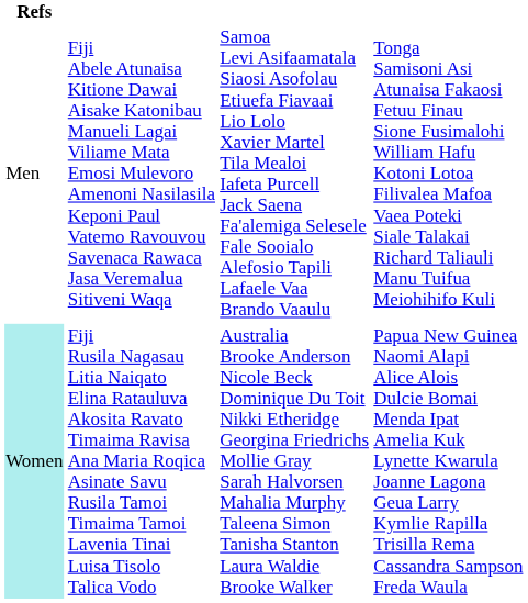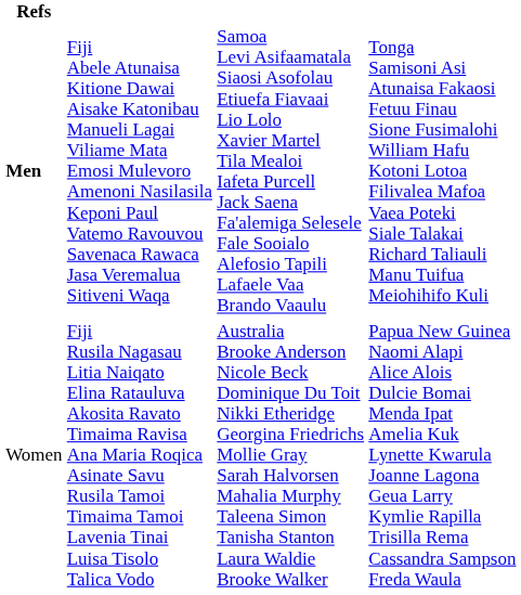 <table>
 <tr>
 <th>Refs</th>
 </tr>
 <tr>
-<td>Men<br></td>
+<td><strong>Men<br></strong></td>
 <td> <a href='#'>Fiji</a><br><a href='#'>Abele Atunaisa</a><br><a href='#'>Kitione Dawai</a><br><a href='#'>Aisake Katonibau</a><br><a href='#'>Manueli Lagai</a><br><a href='#'>Viliame Mata</a><br><a href='#'>Emosi Mulevoro</a><br><a href='#'>Amenoni Nasilasila</a><br><a href='#'>Keponi Paul</a><br><a href='#'>Vatemo Ravouvou</a><br><a href='#'>Savenaca Rawaca</a><br><a href='#'>Jasa Veremalua</a><br><a href='#'>Sitiveni Waqa</a><br></td>
 <td> <a href='#'>Samoa</a><br><a href='#'>Levi Asifaamatala</a><br><a href='#'>Siaosi Asofolau</a><br><a href='#'>Etiuefa Fiavaai</a><br><a href='#'>Lio Lolo</a><br><a href='#'>Xavier Martel</a><br><a href='#'>Tila Mealoi</a><br><a href='#'>Iafeta Purcell</a><br><a href='#'>Jack Saena</a><br><a href='#'>Fa'alemiga Selesele</a><br><a href='#'>Fale Sooialo</a><br><a href='#'>Alefosio Tapili</a><br><a href='#'>Lafaele Vaa</a><br><a href='#'>Brando Vaaulu</a></td>
 <td> <a href='#'>Tonga</a><br><a href='#'>Samisoni Asi</a><br><a href='#'>Atunaisa Fakaosi</a><br><a href='#'>Fetuu Finau</a><br><a href='#'>Sione Fusimalohi</a><br><a href='#'>William Hafu</a><br><a href='#'>Kotoni Lotoa</a><br><a href='#'>Filivalea Mafoa</a><br><a href='#'>Vaea Poteki</a><br><a href='#'>Siale Talakai</a><br><a href='#'>Richard Taliauli</a><br><a href='#'>Manu Tuifua</a><br><a href='#'>Meiohihifo Kuli</a><br></td>
 <td align=center></td>
 </tr>
 <tr>
-<td style="background: paleturquoise;">Women<br></td>
+<td>Women<br></td>
 <td> <a href='#'>Fiji</a><br><a href='#'>Rusila Nagasau</a><br><a href='#'>Litia Naiqato</a><br><a href='#'>Elina Ratauluva</a><br><a href='#'>Akosita Ravato</a><br><a href='#'>Timaima Ravisa</a><br><a href='#'>Ana Maria Roqica</a><br><a href='#'>Asinate Savu</a><br><a href='#'>Rusila Tamoi</a><br><a href='#'>Timaima Tamoi</a><br><a href='#'>Lavenia Tinai</a><br><a href='#'>Luisa Tisolo</a><br><a href='#'>Talica Vodo</a></td>
 <td> <a href='#'>Australia</a><br><a href='#'>Brooke Anderson</a><br><a href='#'>Nicole Beck</a><br><a href='#'>Dominique Du Toit</a><br><a href='#'>Nikki Etheridge</a><br><a href='#'>Georgina Friedrichs</a><br><a href='#'>Mollie Gray</a><br><a href='#'>Sarah Halvorsen</a><br><a href='#'>Mahalia Murphy</a><br><a href='#'>Taleena Simon</a><br><a href='#'>Tanisha Stanton</a><br><a href='#'>Laura Waldie</a><br><a href='#'>Brooke Walker</a></td>
 <td> <a href='#'>Papua New Guinea</a><br><a href='#'>Naomi Alapi</a><br><a href='#'>Alice Alois</a><br><a href='#'>Dulcie Bomai</a><br><a href='#'>Menda Ipat</a><br><a href='#'>Amelia Kuk</a><br><a href='#'>Lynette Kwarula</a><br><a href='#'>Joanne Lagona</a><br><a href='#'>Geua Larry</a><br><a href='#'>Kymlie Rapilla</a><br><a href='#'>Trisilla Rema</a><br><a href='#'>Cassandra Sampson</a><br><a href='#'>Freda Waula</a></td>
 <td align=center></td>
 </tr>
 </table>
